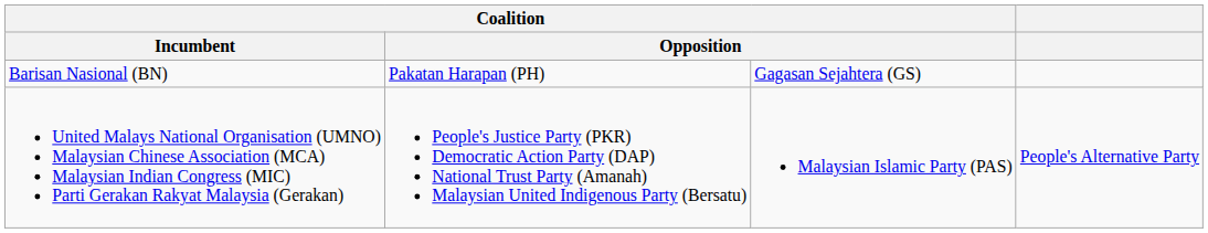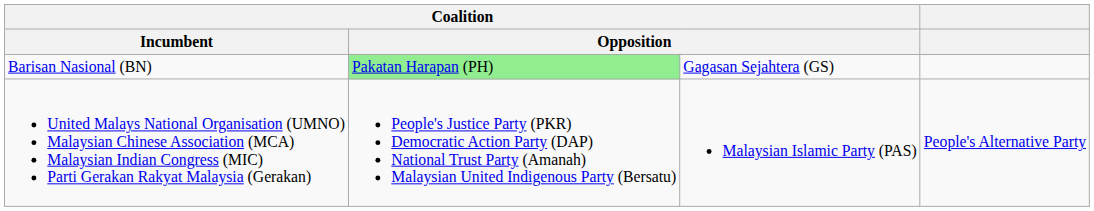 <table class="wikitable">
 <tr>
 <th colspan="3">Coalition</th>
 <th></th>
 </tr>
 <tr>
 <th>Incumbent</th>
 <th colspan="2">Opposition</th>
 <th></th>
 </tr>
 <tr>
 <td><a href='#'>Barisan Nasional</a> (BN)</td>
-<td><a href='#'>Pakatan Harapan</a> (PH)</td>
+<td style="background: lightgreen;"><a href='#'>Pakatan Harapan</a> (PH)</td>
 <td><a href='#'>Gagasan Sejahtera</a> (GS)</td>
 <td></td>
 </tr>
 <tr>
 <td><br><ul><li> <a href='#'>United Malays National Organisation</a> (UMNO)</li><li> <a href='#'>Malaysian Chinese Association</a> (MCA)</li><li> <a href='#'>Malaysian Indian Congress</a> (MIC)</li><li> <a href='#'>Parti Gerakan Rakyat Malaysia</a> (Gerakan)</li></ul></td>
 <td><br><ul><li> <a href='#'>People's Justice Party</a> (PKR)</li><li> <a href='#'>Democratic Action Party</a> (DAP)</li><li> <a href='#'>National Trust Party</a> (Amanah)</li><li> <a href='#'>Malaysian United Indigenous Party</a> (Bersatu)</li></ul></td>
 <td><br><ul><li> <a href='#'>Malaysian Islamic Party</a> (PAS)</li></ul></td>
 <td><a href='#'>People's Alternative Party</a></td>
 </tr>
 </table>
